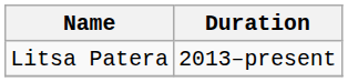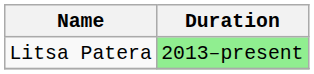 <table class="wikitable">
 <tr>
 <th>Name</th>
 <th>Duration</th>
 </tr>
 <tr>
 <td>Litsa Patera</td>
-<td>2013–present</td>
+<td style="background: lightgreen;">2013–present</td>
 </tr>
 <tr>
 </tr>
 </table>
